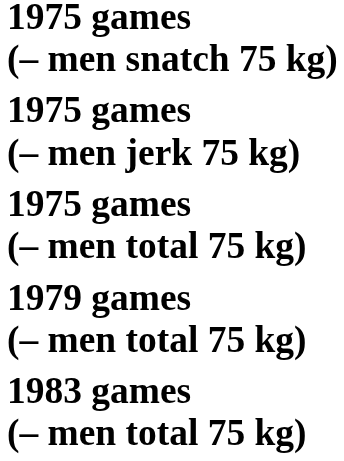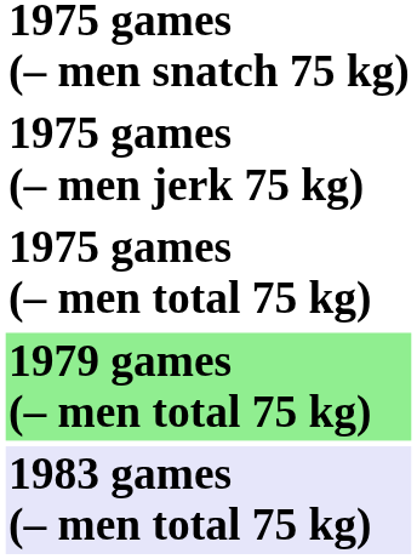 <table>
 <tr>
 <td><strong>1975 games<br>(– men snatch 75 kg)</strong></td>
 <td></td>
 <td></td>
 <td></td>
 </tr>
 <tr>
 <td><strong>1975 games<br>(– men jerk 75 kg)</strong></td>
 <td></td>
 <td></td>
 <td></td>
 </tr>
 <tr>
 <td><strong>1975 games<br>(– men total 75 kg)</strong></td>
 <td></td>
 <td></td>
 <td></td>
 </tr>
 <tr>
-<td><strong>1979 games<br>(– men total 75 kg)</strong></td>
+<td style="background: lightgreen;"><strong>1979 games<br>(– men total 75 kg)</strong></td>
 <td></td>
 <td></td>
 <td></td>
 </tr>
 <tr>
-<td><strong>1983 games<br>(– men total 75 kg)</strong></td>
+<td style="background: lavender;"><strong>1983 games<br>(– men total 75 kg)</strong></td>
 <td></td>
 <td></td>
 <td></td>
 </tr>
 </table>
